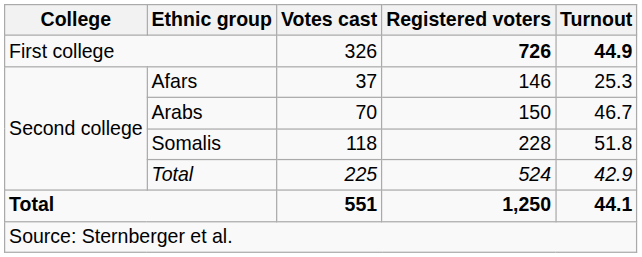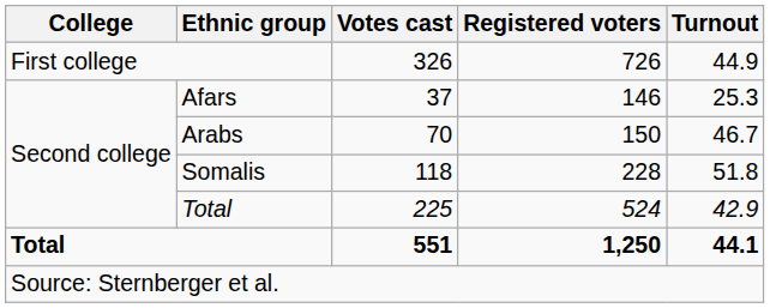 <table class=wikitable style=text-align:right>
 <tr>
 <th>College</th>
 <th>Ethnic group</th>
 <th>Votes cast</th>
 <th>Registered voters</th>
 <th>Turnout</th>
 </tr>
 <tr>
 <td align=left colspan=2>First college</td>
 <td>326</td>
-<td><strong>726</strong></td>
-<td><strong>44.9</strong></td>
+<td>726</td>
+<td>44.9</td>
 </tr>
 <tr>
 <td align=left rowspan=4>Second college</td>
 <td align=left>Afars</td>
 <td>37</td>
 <td>146</td>
 <td>25.3</td>
 </tr>
 <tr>
 <td align=left>Arabs</td>
 <td>70</td>
 <td>150</td>
 <td>46.7</td>
 </tr>
 <tr>
 <td align=left>Somalis</td>
 <td>118</td>
 <td>228</td>
 <td>51.8</td>
 </tr>
 <tr>
 <td align=left><em>Total</em></td>
 <td><em>225</em></td>
 <td><em>524</em></td>
 <td><em>42.9</em></td>
 </tr>
 <tr>
 <td align=left colspan=2><strong>Total</strong></td>
 <td><strong>551</strong></td>
 <td><strong>1,250</strong></td>
 <td><strong>44.1</strong></td>
 </tr>
 <tr>
 <td align=left colspan=5>Source: Sternberger et al.</td>
 </tr>
 </table>
